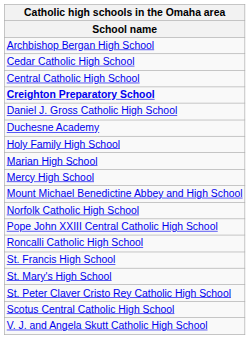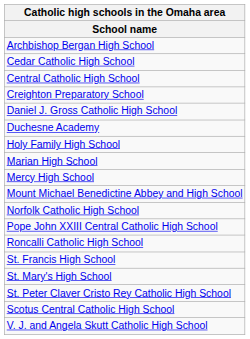 <table class="wikitable">
 <tr>
 <th align="center" colspan="6"><strong>Catholic high schools in the Omaha area</strong></th>
 </tr>
 <tr>
 <th>School name</th>
 </tr>
 <tr>
 <td><a href='#'>Archbishop Bergan High School</a></td>
 </tr>
 <tr>
 <td><a href='#'>Cedar Catholic High School</a></td>
 </tr>
 <tr>
 <td><a href='#'>Central Catholic High School</a></td>
 </tr>
 <tr>
-<td><strong><a href='#'>Creighton Preparatory School</a></strong></td>
+<td><a href='#'>Creighton Preparatory School</a></td>
 </tr>
 <tr>
 <td><a href='#'>Daniel J. Gross Catholic High School</a></td>
 </tr>
 <tr>
 <td><a href='#'>Duchesne Academy</a></td>
 </tr>
 <tr>
 <td><a href='#'>Holy Family High School</a></td>
 </tr>
 <tr>
 <td><a href='#'>Marian High School</a></td>
 </tr>
 <tr>
 <td><a href='#'>Mercy High School</a></td>
 </tr>
 <tr>
 <td><a href='#'>Mount Michael Benedictine Abbey and High School</a></td>
 </tr>
 <tr>
 <td><a href='#'>Norfolk Catholic High School</a></td>
 </tr>
 <tr>
 <td><a href='#'>Pope John XXIII Central Catholic High School</a></td>
 </tr>
 <tr>
 <td><a href='#'>Roncalli Catholic High School</a></td>
 </tr>
 <tr>
 <td><a href='#'>St. Francis High School</a></td>
 </tr>
 <tr>
 <td><a href='#'>St. Mary's High School</a></td>
 </tr>
 <tr>
 <td><a href='#'>St. Peter Claver Cristo Rey Catholic High School</a></td>
 </tr>
 <tr>
 <td><a href='#'>Scotus Central Catholic High School</a></td>
 </tr>
 <tr>
 <td><a href='#'>V. J. and Angela Skutt Catholic High School</a></td>
 </tr>
 </table>
